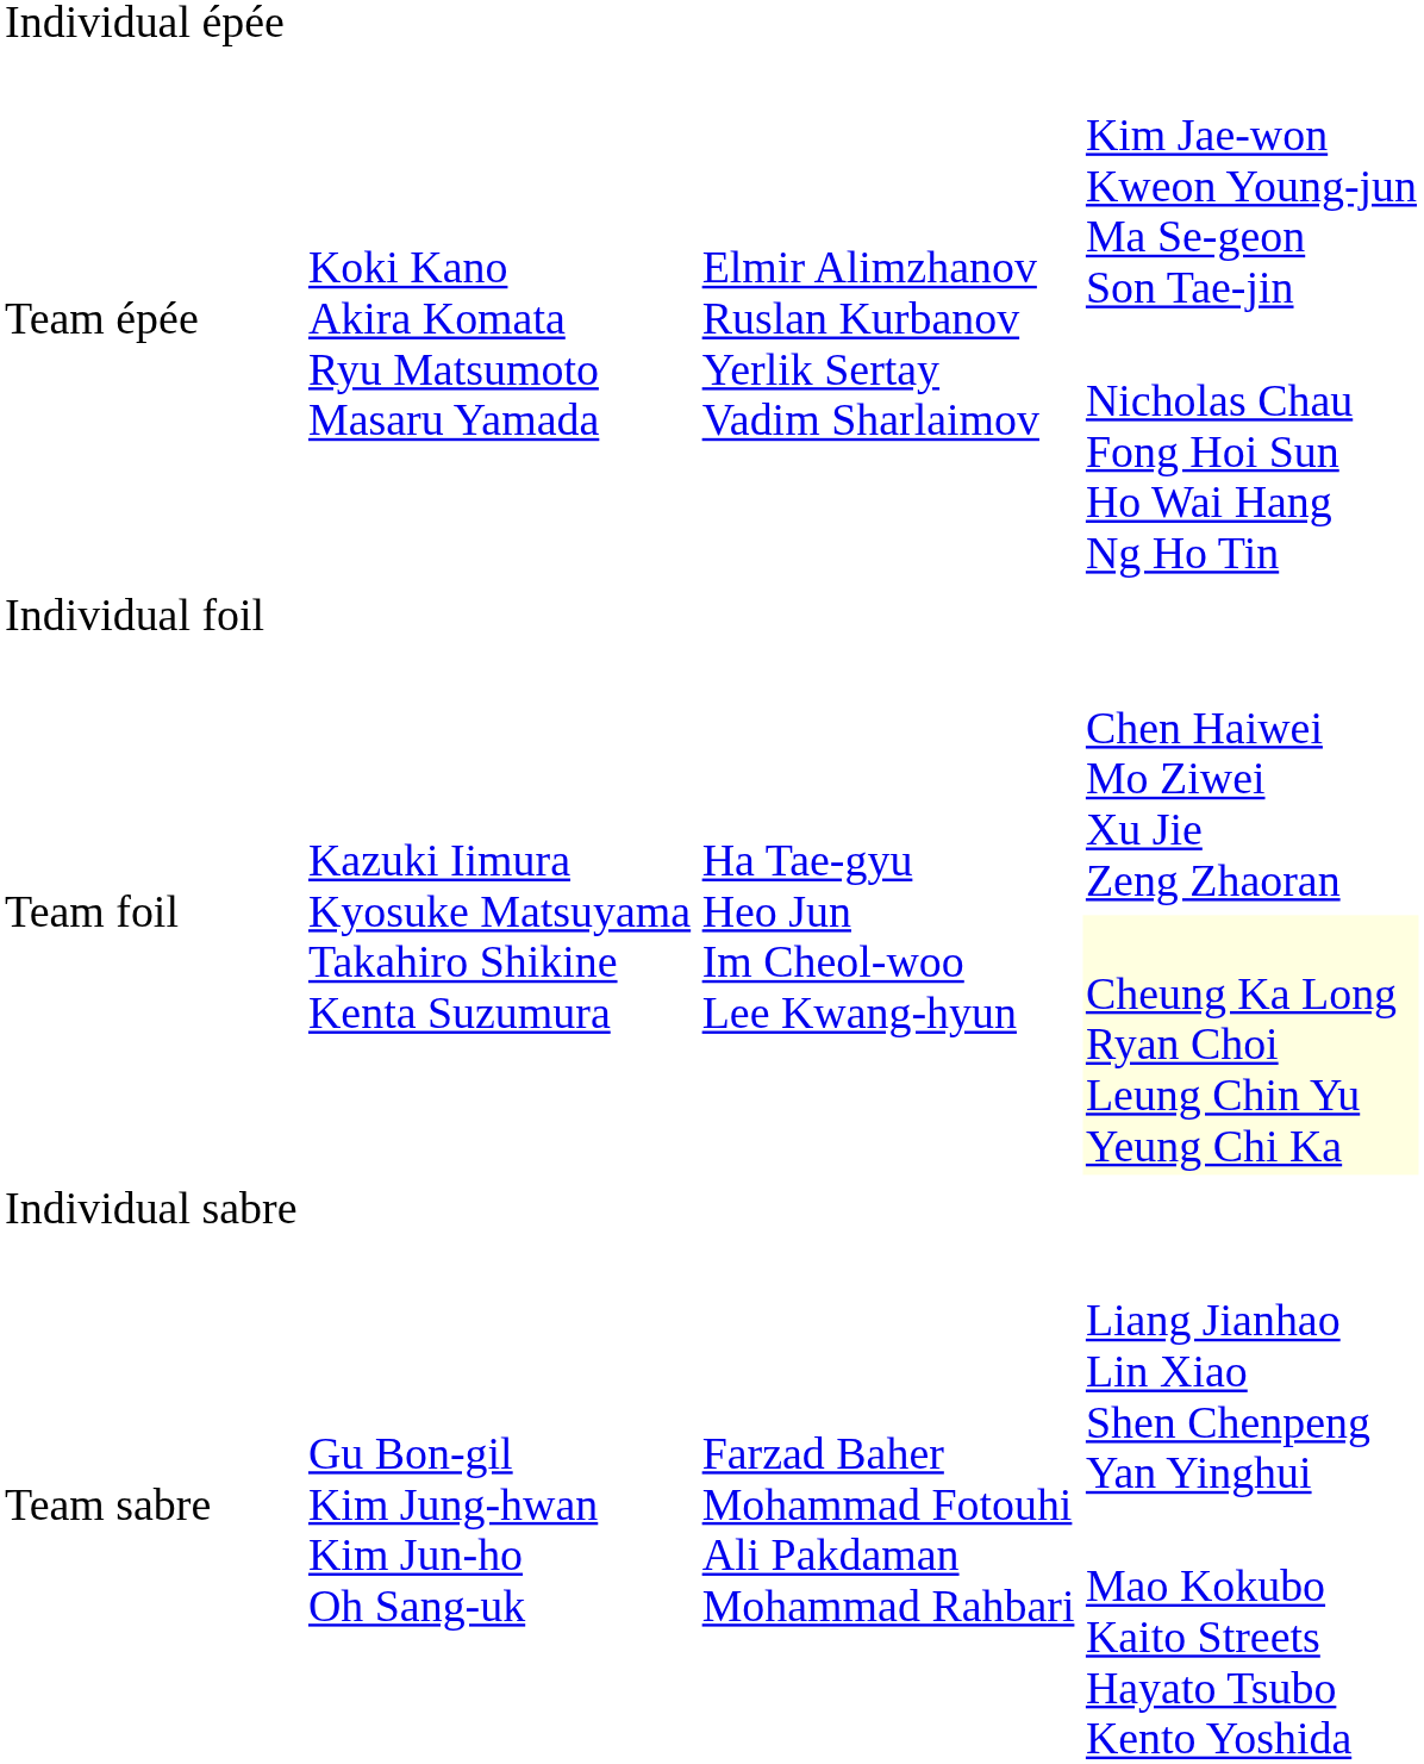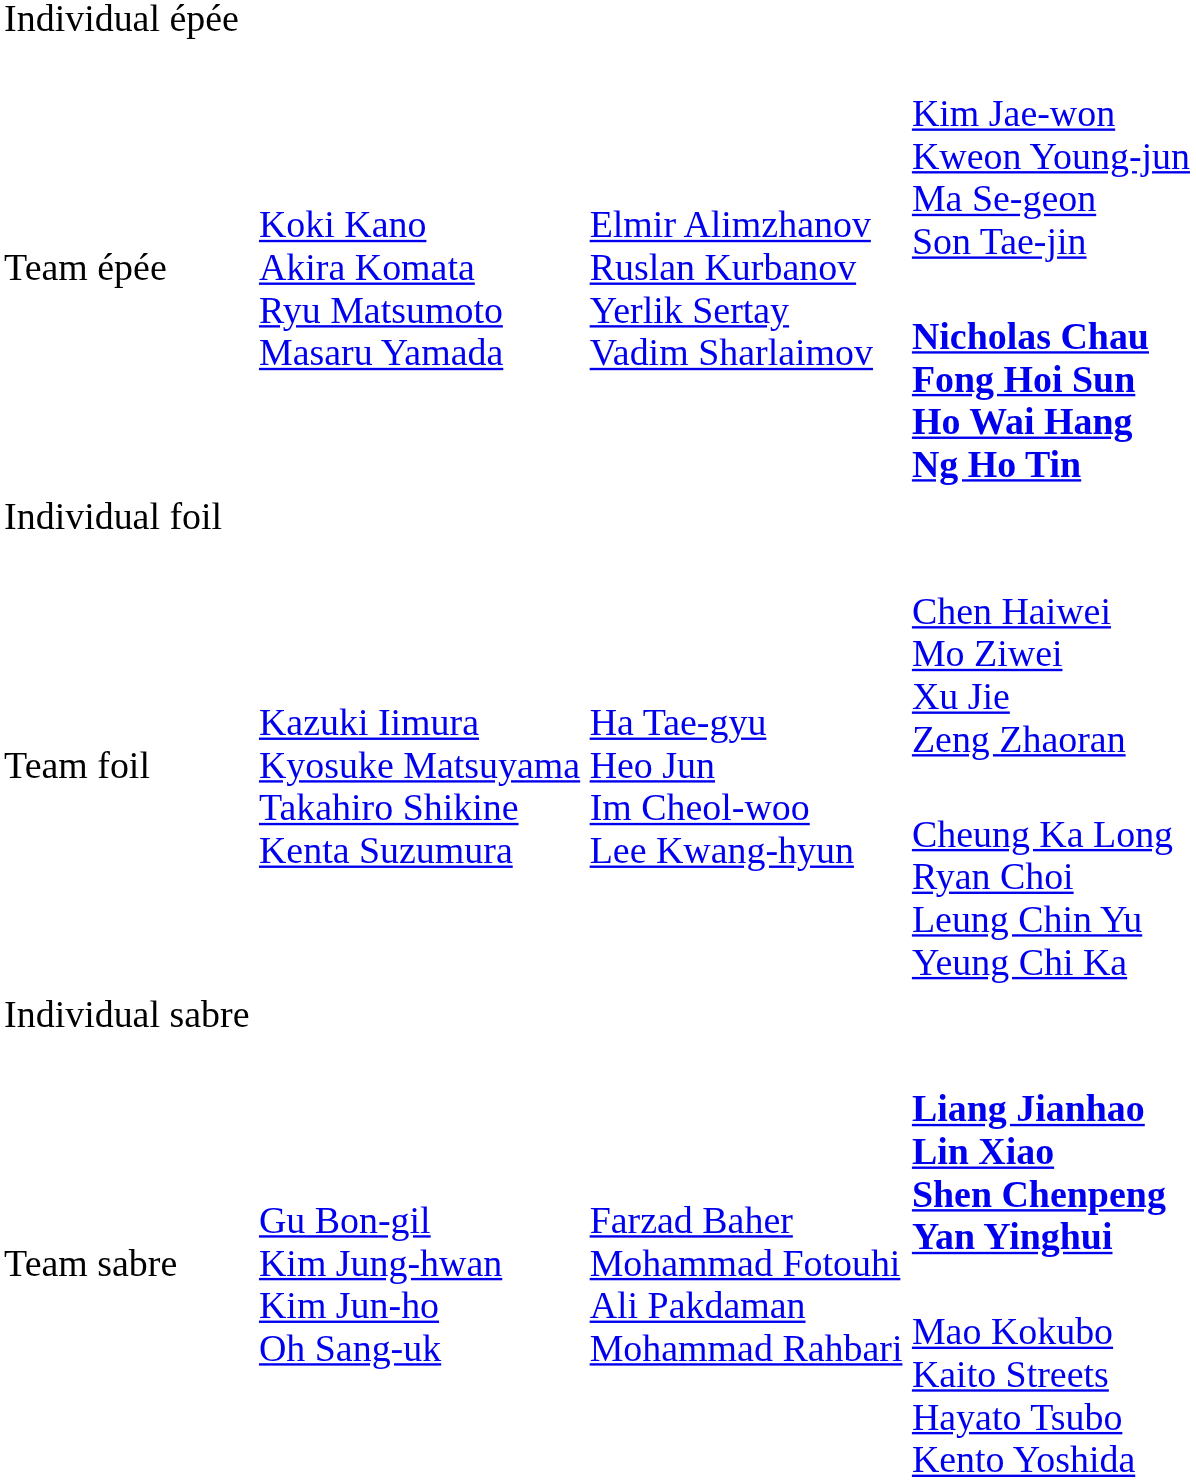 <table>
 <tr>
 <td rowspan=2>Individual épée</td>
 <td rowspan=2></td>
 <td rowspan=2></td>
 <td></td>
 </tr>
 <tr>
 <td></td>
 </tr>
 <tr>
 <td rowspan=2>Team épée</td>
 <td rowspan=2><br><a href='#'>Koki Kano</a><br><a href='#'>Akira Komata</a><br><a href='#'>Ryu Matsumoto</a><br><a href='#'>Masaru Yamada</a></td>
 <td rowspan=2><br><a href='#'>Elmir Alimzhanov</a><br><a href='#'>Ruslan Kurbanov</a><br><a href='#'>Yerlik Sertay</a><br><a href='#'>Vadim Sharlaimov</a></td>
 <td><br><a href='#'>Kim Jae-won</a><br><a href='#'>Kweon Young-jun</a><br><a href='#'>Ma Se-geon</a><br><a href='#'>Son Tae-jin</a></td>
 </tr>
 <tr>
-<td><br><a href='#'>Nicholas Chau</a><br><a href='#'>Fong Hoi Sun</a><br><a href='#'>Ho Wai Hang</a><br><a href='#'>Ng Ho Tin</a></td>
+<td><strong><br><a href='#'>Nicholas Chau</a><br><a href='#'>Fong Hoi Sun</a><br><a href='#'>Ho Wai Hang</a><br><a href='#'>Ng Ho Tin</a></strong></td>
 </tr>
 <tr>
 <td rowspan=2>Individual foil</td>
 <td rowspan=2></td>
 <td rowspan=2></td>
 <td></td>
 </tr>
 <tr>
 <td></td>
 </tr>
 <tr>
 <td rowspan=2>Team foil</td>
 <td rowspan=2><br><a href='#'>Kazuki Iimura</a><br><a href='#'>Kyosuke Matsuyama</a><br><a href='#'>Takahiro Shikine</a><br><a href='#'>Kenta Suzumura</a></td>
 <td rowspan=2><br><a href='#'>Ha Tae-gyu</a><br><a href='#'>Heo Jun</a><br><a href='#'>Im Cheol-woo</a><br><a href='#'>Lee Kwang-hyun</a></td>
 <td><br><a href='#'>Chen Haiwei</a><br><a href='#'>Mo Ziwei</a><br><a href='#'>Xu Jie</a><br><a href='#'>Zeng Zhaoran</a></td>
 </tr>
 <tr>
-<td style="background: lightyellow;"><br><a href='#'>Cheung Ka Long</a><br><a href='#'>Ryan Choi</a><br><a href='#'>Leung Chin Yu</a><br><a href='#'>Yeung Chi Ka</a></td>
+<td><br><a href='#'>Cheung Ka Long</a><br><a href='#'>Ryan Choi</a><br><a href='#'>Leung Chin Yu</a><br><a href='#'>Yeung Chi Ka</a></td>
 </tr>
 <tr>
 <td rowspan=2>Individual sabre</td>
 <td rowspan=2></td>
 <td rowspan=2></td>
 <td></td>
 </tr>
 <tr>
 <td></td>
 </tr>
 <tr>
 <td rowspan=2>Team sabre</td>
 <td rowspan=2><br><a href='#'>Gu Bon-gil</a><br><a href='#'>Kim Jung-hwan</a><br><a href='#'>Kim Jun-ho</a><br><a href='#'>Oh Sang-uk</a></td>
 <td rowspan=2><br><a href='#'>Farzad Baher</a><br><a href='#'>Mohammad Fotouhi</a><br><a href='#'>Ali Pakdaman</a><br><a href='#'>Mohammad Rahbari</a></td>
-<td><br><a href='#'>Liang Jianhao</a><br><a href='#'>Lin Xiao</a><br><a href='#'>Shen Chenpeng</a><br><a href='#'>Yan Yinghui</a></td>
+<td><strong><br><a href='#'>Liang Jianhao</a><br><a href='#'>Lin Xiao</a><br><a href='#'>Shen Chenpeng</a><br><a href='#'>Yan Yinghui</a></strong></td>
 </tr>
 <tr>
 <td><br><a href='#'>Mao Kokubo</a><br><a href='#'>Kaito Streets</a><br><a href='#'>Hayato Tsubo</a><br><a href='#'>Kento Yoshida</a></td>
 </tr>
 </table>
